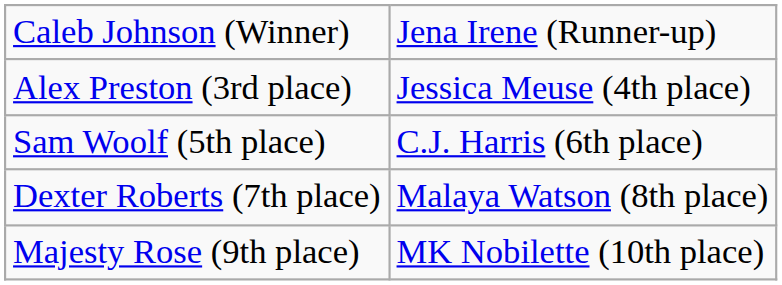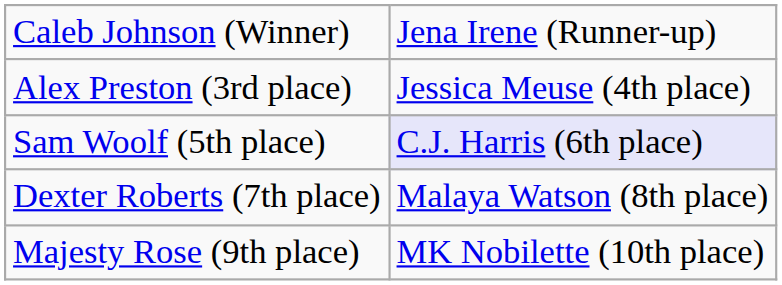 <table class="wikitable">
 <tr>
 <td><a href='#'>Caleb Johnson</a> (Winner)</td>
 <td><a href='#'>Jena Irene</a> (Runner-up)</td>
 </tr>
 <tr>
 <td><a href='#'>Alex Preston</a> (3rd place)</td>
 <td><a href='#'>Jessica Meuse</a> (4th place)</td>
 </tr>
 <tr>
 <td><a href='#'>Sam Woolf</a> (5th place)</td>
-<td><a href='#'>C.J. Harris</a> (6th place)</td>
+<td style="background: lavender;"><a href='#'>C.J. Harris</a> (6th place)</td>
 </tr>
 <tr>
 <td><a href='#'>Dexter Roberts</a> (7th place)</td>
 <td><a href='#'>Malaya Watson</a> (8th place)</td>
 </tr>
 <tr>
 <td><a href='#'>Majesty Rose</a> (9th place)</td>
 <td><a href='#'>MK Nobilette</a> (10th place)</td>
 </tr>
 </table>
